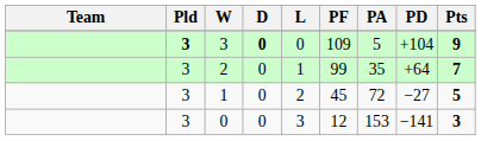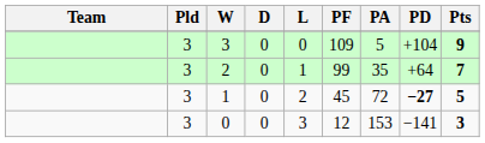 <table class="wikitable" style="text-align:center;">
 <tr>
 <th width=150>Team</th>
 <th width=30 abbr="Played">Pld</th>
 <th width=30 abbr="Won">W</th>
 <th width=30 abbr="Drawn">D</th>
 <th width=30 abbr="Lost">L</th>
 <th width=30 abbr="Points for">PF</th>
 <th width=30 abbr="Points against">PA</th>
 <th width=30 abbr="Points difference">PD</th>
 <th width=30 abbr="Points">Pts</th>
 </tr>
 <tr>
 </tr>
 <tr style="background:#ccffcc">
 <td align=left></td>
-<td><strong>3</strong></td>
 <td>3</td>
-<td><strong>0</strong></td>
+<td>3</td>
+<td>0</td>
 <td>0</td>
 <td>109</td>
 <td>5</td>
 <td>+104</td>
 <td><strong>9</strong></td>
 </tr>
 <tr style="background:#ccffcc">
 <td align=left></td>
 <td>3</td>
 <td>2</td>
 <td>0</td>
 <td>1</td>
 <td>99</td>
 <td>35</td>
 <td>+64</td>
 <td><strong>7</strong></td>
 </tr>
 <tr>
 <td align=left></td>
 <td>3</td>
 <td>1</td>
 <td>0</td>
 <td>2</td>
 <td>45</td>
 <td>72</td>
-<td>−27</td>
+<td><strong>−27</strong></td>
 <td><strong>5</strong></td>
 </tr>
 <tr>
 <td align=left></td>
 <td>3</td>
 <td>0</td>
 <td>0</td>
 <td>3</td>
 <td>12</td>
 <td>153</td>
 <td>−141</td>
 <td><strong>3</strong></td>
 </tr>
 </table>
